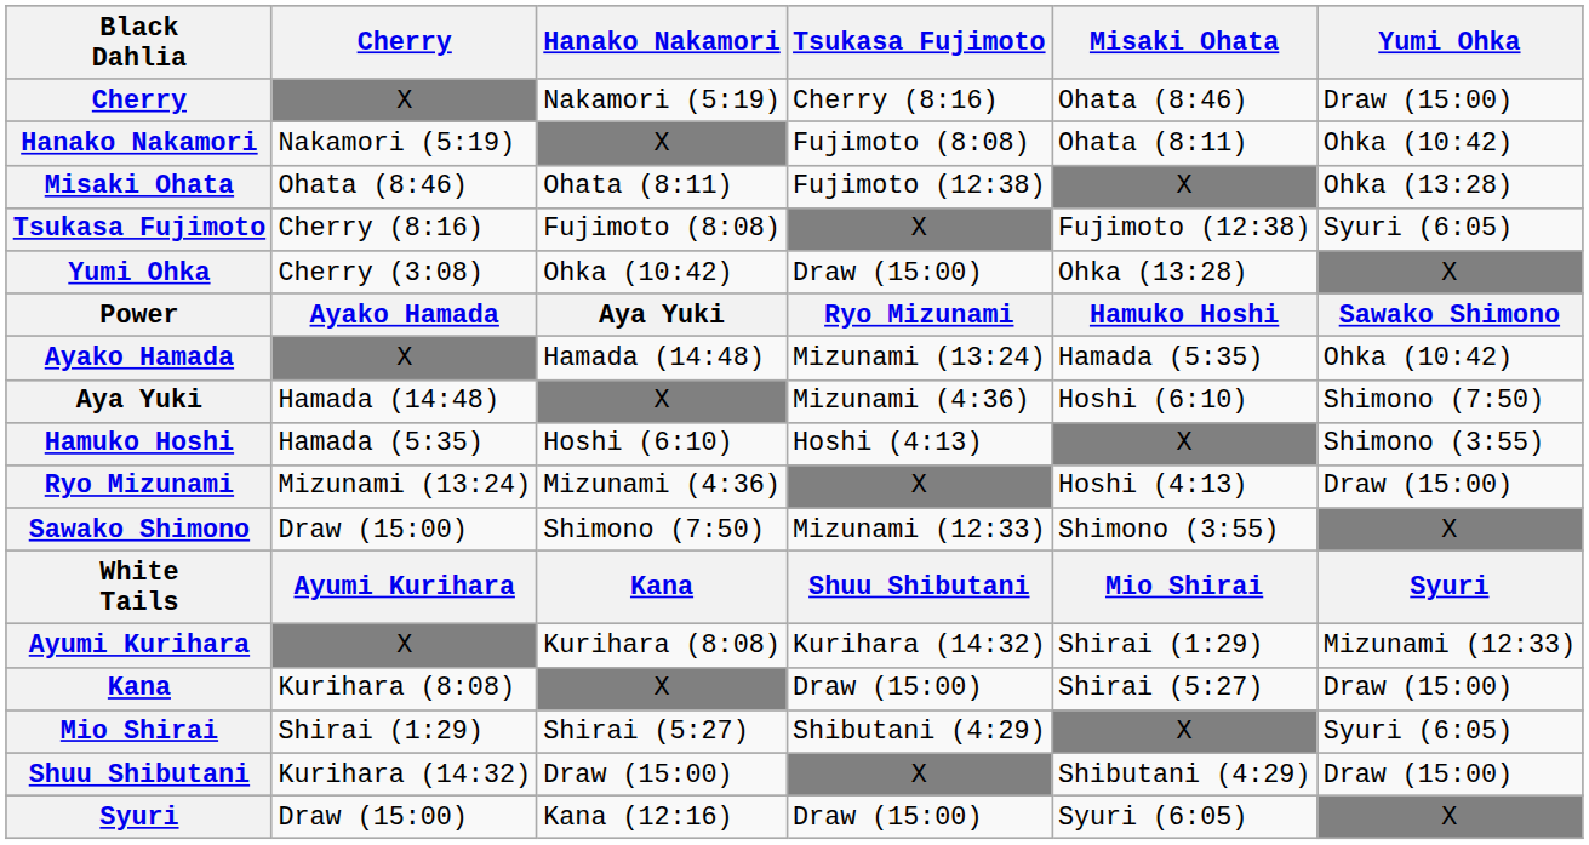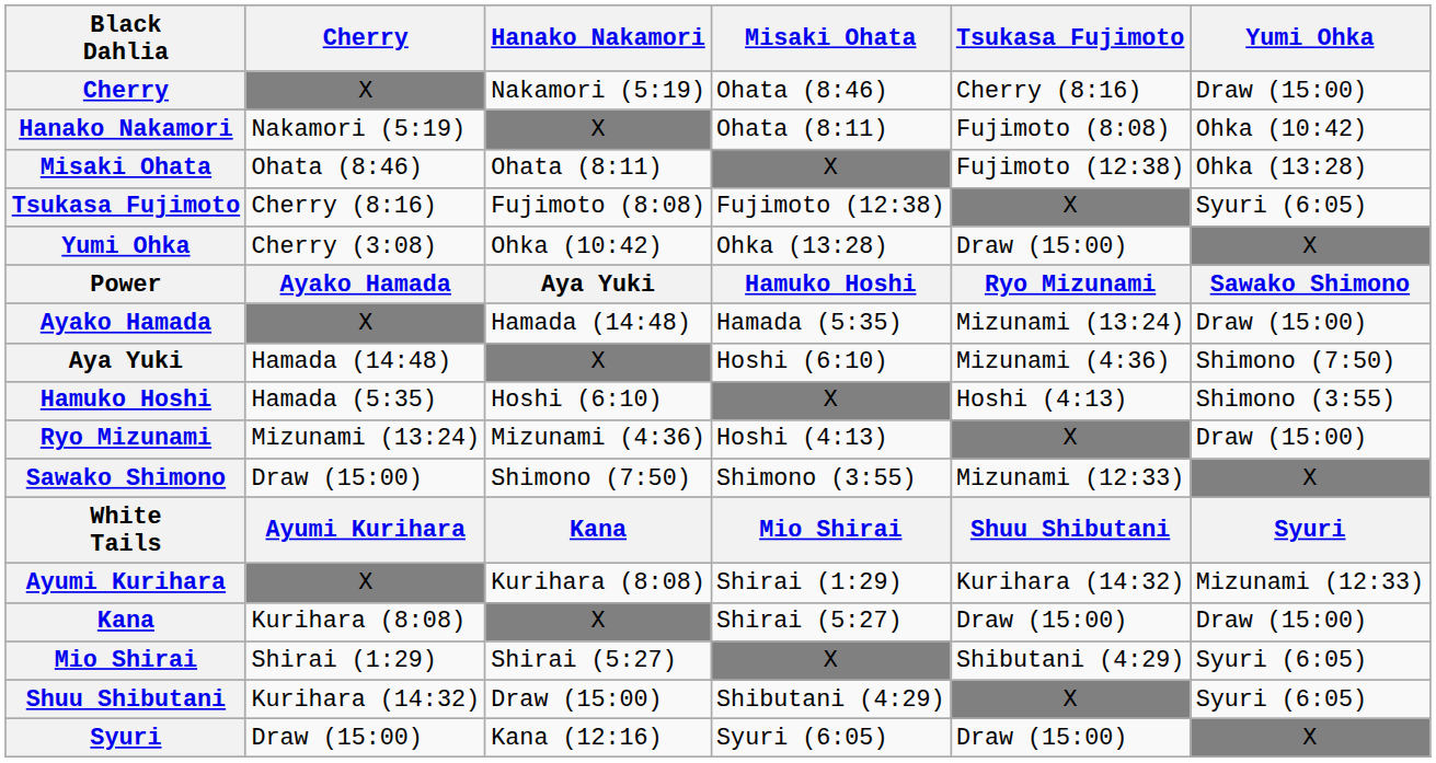 <table class="wikitable" align=center style="margin: 1em auto 1em auto">
 <tr>
 <th>Black<br>Dahlia</th>
 <th><a href='#'>Cherry</a></th>
 <th><a href='#'>Hanako Nakamori</a></th>
+<th><a href='#'>Misaki Ohata</a></th>
 <th><a href='#'>Tsukasa Fujimoto</a></th>
-<th><a href='#'>Misaki Ohata</a></th>
 <th><a href='#'>Yumi Ohka</a></th>
 </tr>
 <tr>
 <th><a href='#'>Cherry</a></th>
 <td bgcolor=grey align="center">X</td>
 <td>Nakamori (5:19)</td>
+<td>Ohata (8:46)</td>
 <td>Cherry (8:16)</td>
-<td>Ohata (8:46)</td>
 <td>Draw (15:00)</td>
 </tr>
 <tr>
 <th><a href='#'>Hanako Nakamori</a></th>
 <td>Nakamori (5:19)</td>
 <td bgcolor=grey align="center">X</td>
+<td>Ohata (8:11)</td>
 <td>Fujimoto (8:08)</td>
-<td>Ohata (8:11)</td>
 <td>Ohka (10:42)</td>
 </tr>
 <tr>
 <th><a href='#'>Misaki Ohata</a></th>
 <td>Ohata (8:46)</td>
 <td>Ohata (8:11)</td>
+<td bgcolor=grey align="center">X</td>
 <td>Fujimoto (12:38)</td>
-<td bgcolor=grey align="center">X</td>
 <td>Ohka (13:28)</td>
 </tr>
 <tr>
 <th><a href='#'>Tsukasa Fujimoto</a></th>
 <td>Cherry (8:16)</td>
 <td>Fujimoto (8:08)</td>
+<td>Fujimoto (12:38)</td>
 <td bgcolor=grey align="center">X</td>
-<td>Fujimoto (12:38)</td>
 <td>Syuri (6:05)</td>
 </tr>
 <tr>
 <th><a href='#'>Yumi Ohka</a></th>
 <td>Cherry (3:08)</td>
 <td>Ohka (10:42)</td>
+<td>Ohka (13:28)</td>
 <td>Draw (15:00)</td>
-<td>Ohka (13:28)</td>
 <td bgcolor=grey align="center">X</td>
 </tr>
 <tr>
 <th>Power</th>
 <th><a href='#'>Ayako Hamada</a></th>
 <th>Aya Yuki</th>
+<th><a href='#'>Hamuko Hoshi</a></th>
 <th><a href='#'>Ryo Mizunami</a></th>
-<th><a href='#'>Hamuko Hoshi</a></th>
 <th><a href='#'>Sawako Shimono</a></th>
 </tr>
 <tr>
 <th><a href='#'>Ayako Hamada</a></th>
 <td bgcolor=grey align="center">X</td>
 <td>Hamada (14:48)</td>
+<td>Hamada (5:35)</td>
 <td>Mizunami (13:24)</td>
-<td>Hamada (5:35)</td>
-<td>Ohka (10:42)</td>
+<td>Draw (15:00)</td>
 </tr>
 <tr>
 <th>Aya Yuki</th>
 <td>Hamada (14:48)</td>
 <td bgcolor=grey align="center">X</td>
+<td>Hoshi (6:10)</td>
 <td>Mizunami (4:36)</td>
-<td>Hoshi (6:10)</td>
 <td>Shimono (7:50)</td>
 </tr>
 <tr>
 <th><a href='#'>Hamuko Hoshi</a></th>
 <td>Hamada (5:35)</td>
 <td>Hoshi (6:10)</td>
+<td bgcolor=grey align="center">X</td>
 <td>Hoshi (4:13)</td>
-<td bgcolor=grey align="center">X</td>
 <td>Shimono (3:55)</td>
 </tr>
 <tr>
 <th><a href='#'>Ryo Mizunami</a></th>
 <td>Mizunami (13:24)</td>
 <td>Mizunami (4:36)</td>
+<td>Hoshi (4:13)</td>
 <td bgcolor=grey align="center">X</td>
-<td>Hoshi (4:13)</td>
 <td>Draw (15:00)</td>
 </tr>
 <tr>
 <th><a href='#'>Sawako Shimono</a></th>
 <td>Draw (15:00)</td>
 <td>Shimono (7:50)</td>
+<td>Shimono (3:55)</td>
 <td>Mizunami (12:33)</td>
-<td>Shimono (3:55)</td>
 <td bgcolor=grey align="center">X</td>
 </tr>
 <tr>
 <th>White<br>Tails</th>
 <th><a href='#'>Ayumi Kurihara</a></th>
 <th><a href='#'>Kana</a></th>
+<th><a href='#'>Mio Shirai</a></th>
 <th><a href='#'>Shuu Shibutani</a></th>
-<th><a href='#'>Mio Shirai</a></th>
 <th><a href='#'>Syuri</a></th>
 </tr>
 <tr>
 <th><a href='#'>Ayumi Kurihara</a></th>
 <td bgcolor=grey align="center">X</td>
 <td>Kurihara (8:08)</td>
+<td>Shirai (1:29)</td>
 <td>Kurihara (14:32)</td>
-<td>Shirai (1:29)</td>
 <td>Mizunami (12:33)</td>
 </tr>
 <tr>
 <th><a href='#'>Kana</a></th>
 <td>Kurihara (8:08)</td>
 <td bgcolor=grey align="center">X</td>
+<td>Shirai (5:27)</td>
 <td>Draw (15:00)</td>
-<td>Shirai (5:27)</td>
 <td>Draw (15:00)</td>
 </tr>
 <tr>
 <th><a href='#'>Mio Shirai</a></th>
 <td>Shirai (1:29)</td>
 <td>Shirai (5:27)</td>
+<td bgcolor=grey align="center">X</td>
 <td>Shibutani (4:29)</td>
-<td bgcolor=grey align="center">X</td>
 <td>Syuri (6:05)</td>
 </tr>
 <tr>
 <th><a href='#'>Shuu Shibutani</a></th>
 <td>Kurihara (14:32)</td>
 <td>Draw (15:00)</td>
+<td>Shibutani (4:29)</td>
 <td bgcolor=grey align="center">X</td>
-<td>Shibutani (4:29)</td>
-<td>Draw (15:00)</td>
+<td>Syuri (6:05)</td>
 </tr>
 <tr>
 <th><a href='#'>Syuri</a></th>
 <td>Draw (15:00)</td>
 <td>Kana (12:16)</td>
+<td>Syuri (6:05)</td>
 <td>Draw (15:00)</td>
-<td>Syuri (6:05)</td>
 <td bgcolor=grey align="center">X</td>
 </tr>
 </table>
